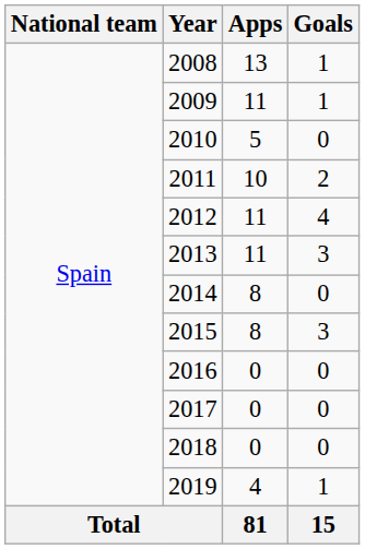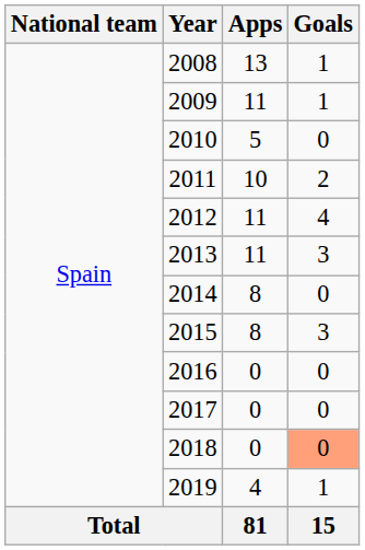 <table class="wikitable" style="text-align: center">
 <tr>
 <th>National team</th>
 <th>Year</th>
 <th>Apps</th>
 <th>Goals</th>
 </tr>
 <tr>
 <td rowspan="12"><a href='#'>Spain</a></td>
 <td>2008</td>
 <td>13</td>
 <td>1</td>
 </tr>
 <tr>
 <td>2009</td>
 <td>11</td>
 <td>1</td>
 </tr>
 <tr>
 <td>2010</td>
 <td>5</td>
 <td>0</td>
 </tr>
 <tr>
 <td>2011</td>
 <td>10</td>
 <td>2</td>
 </tr>
 <tr>
 <td>2012</td>
 <td>11</td>
 <td>4</td>
 </tr>
 <tr>
 <td>2013</td>
 <td>11</td>
 <td>3</td>
 </tr>
 <tr>
 <td>2014</td>
 <td>8</td>
 <td>0</td>
 </tr>
 <tr>
 <td>2015</td>
 <td>8</td>
 <td>3</td>
 </tr>
 <tr>
 <td>2016</td>
 <td>0</td>
 <td>0</td>
 </tr>
 <tr>
 <td>2017</td>
 <td>0</td>
 <td>0</td>
 </tr>
 <tr>
 <td>2018</td>
 <td>0</td>
-<td>0</td>
+<td style="background: lightsalmon;">0</td>
 </tr>
 <tr>
 <td>2019</td>
 <td>4</td>
 <td>1</td>
 </tr>
 <tr>
 <th colspan="2">Total</th>
 <th>81</th>
 <th>15</th>
 </tr>
 </table>
